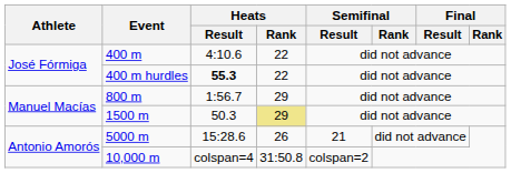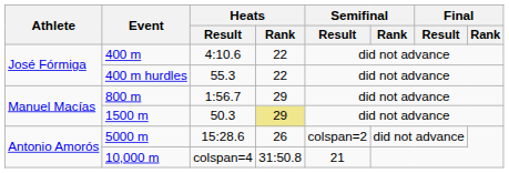 <table class="wikitable" style="font-size:90%">
 <tr>
 <th rowspan="2">Athlete</th>
 <th rowspan="2">Event</th>
 <th colspan="2">Heats</th>
 <th colspan="2">Semifinal</th>
 <th colspan="2">Final</th>
 </tr>
 <tr style="font-size:95%">
 <th>Result</th>
 <th>Rank</th>
 <th>Result</th>
 <th>Rank</th>
 <th>Result</th>
 <th>Rank</th>
 </tr>
 <tr align=center>
 <td align=left rowspan=2><a href='#'>José Fórmiga</a></td>
 <td align=left><a href='#'>400 m</a></td>
 <td>4:10.6</td>
 <td>22</td>
 <td colspan=4>did not advance</td>
 </tr>
 <tr align=center>
 <td align=left><a href='#'>400 m hurdles</a></td>
-<td><strong>55.3</strong></td>
+<td>55.3</td>
 <td>22</td>
 <td colspan=4>did not advance</td>
 </tr>
 <tr align=center>
 <td align=left rowspan=2><a href='#'>Manuel Macías</a></td>
 <td align=left><a href='#'>800 m</a></td>
 <td>1:56.7</td>
 <td>29</td>
 <td colspan=4>did not advance</td>
 </tr>
 <tr align=center>
 <td align=left><a href='#'>1500 m</a></td>
 <td>50.3</td>
 <td style="background: khaki;">29</td>
 <td colspan=4>did not advance</td>
 </tr>
 <tr align=center>
 <td align=left rowspan=2><a href='#'>Antonio Amorós</a></td>
 <td align=left><a href='#'>5000 m</a></td>
 <td>15:28.6</td>
 <td>26</td>
-<td>21</td>
+<td>colspan=2 </td>
 <td colspan=2>did not advance</td>
 </tr>
 <tr align=center>
 <td align=left><a href='#'>10,000 m</a></td>
 <td>colspan=4 </td>
 <td>31:50.8</td>
-<td>colspan=2 </td>
+<td>21</td>
 </tr>
 </table>
